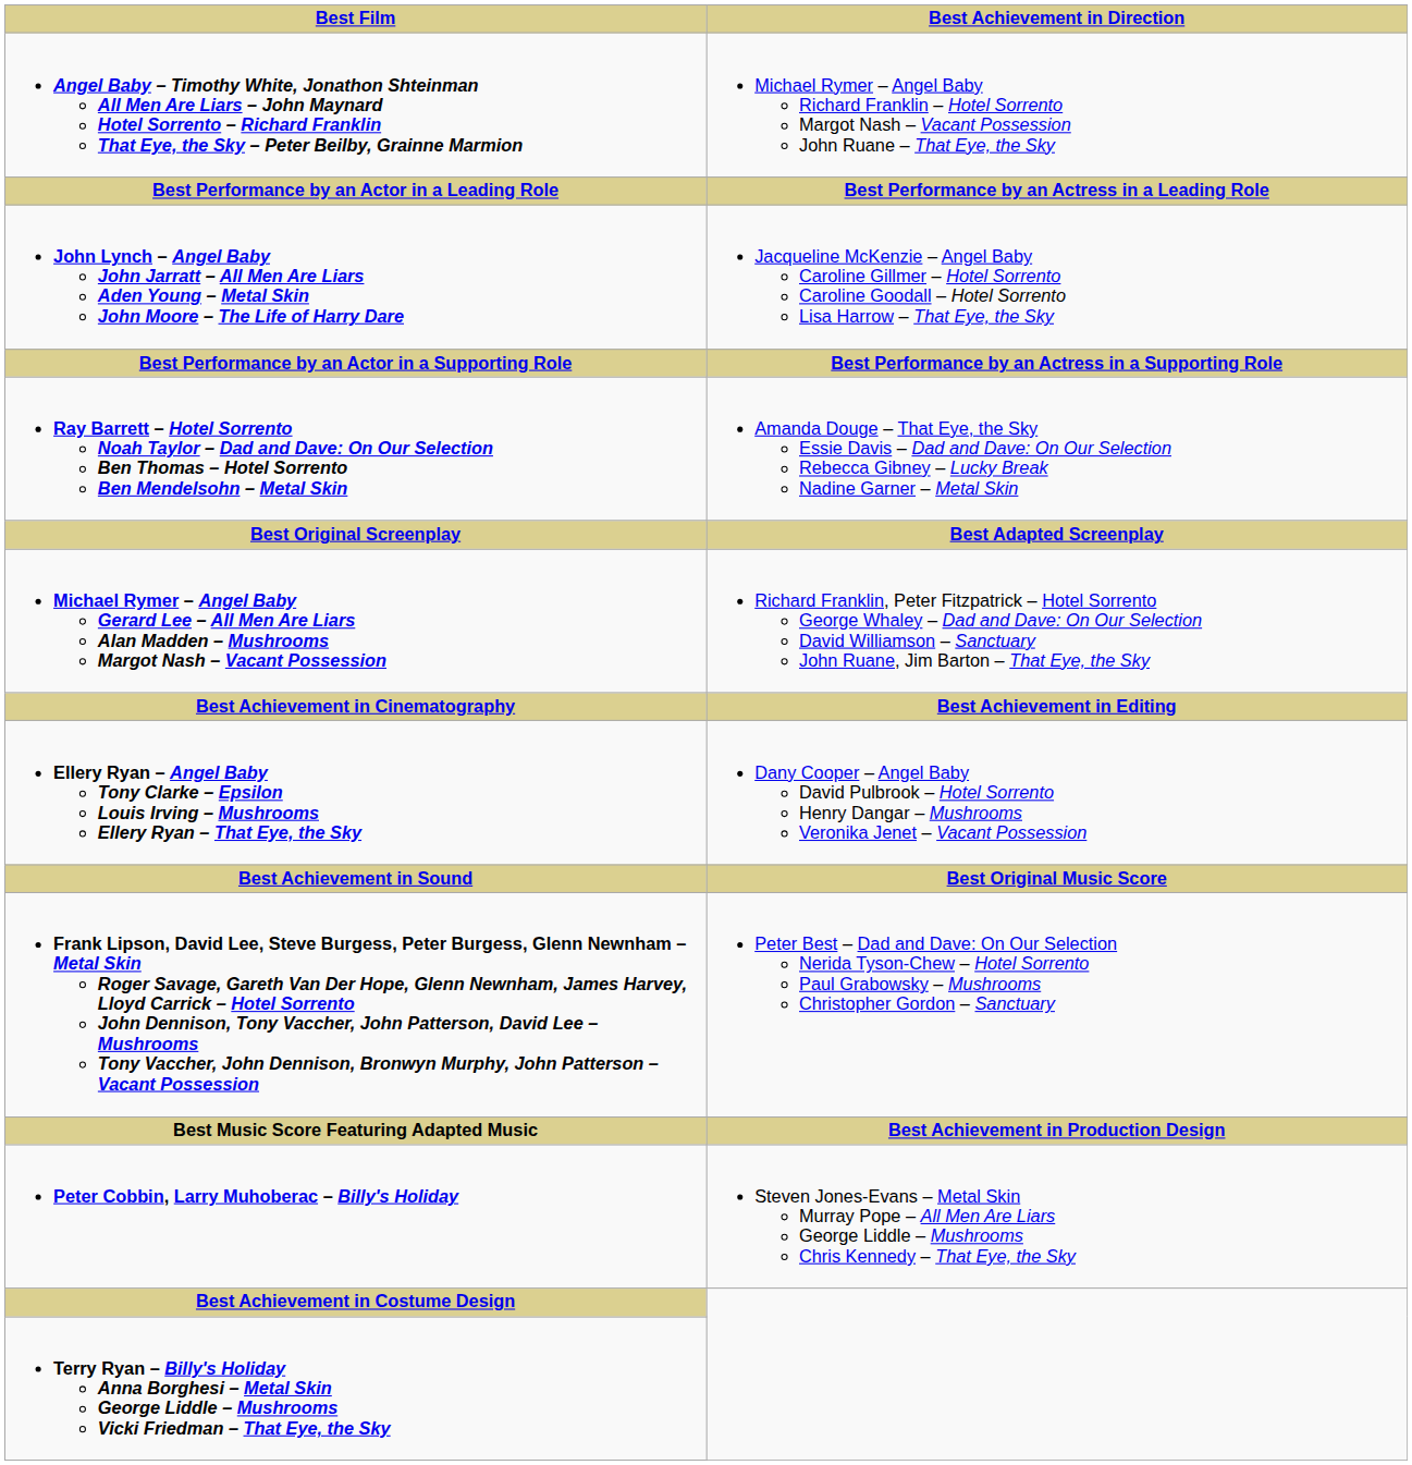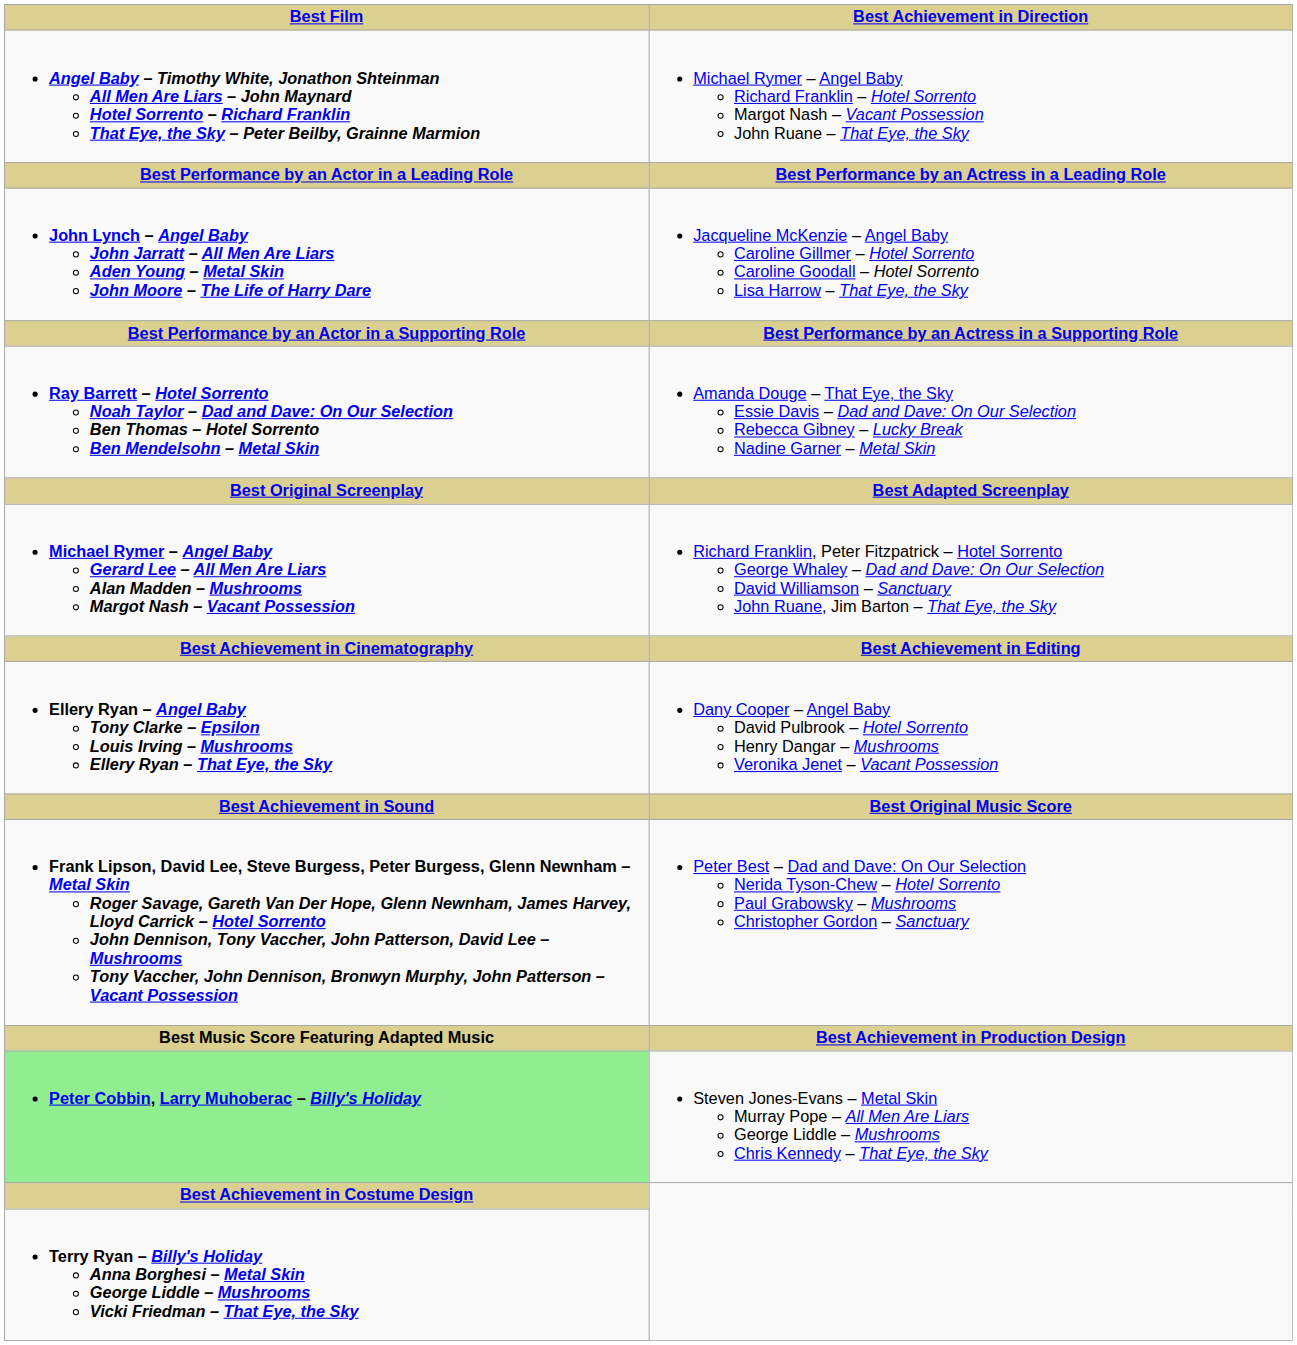 <table class=wikitable style="width:100%">
 <tr>
 <th style="background:#DBD090;" ! width="50%"><a href='#'>Best Film</a></th>
 <th style="background:#DBD090;" ! width="50%"><a href='#'>Best Achievement in Direction</a></th>
 </tr>
 <tr>
 <td valign="top"><br><ul><li><strong><em><a href='#'>Angel Baby</a><em> – Timothy White, Jonathon Shteinman<strong><ul><li></em><a href='#'>All Men Are Liars</a><em> – John Maynard</li><li></em><a href='#'>Hotel Sorrento</a><em> – <a href='#'>Richard Franklin</a></li><li></em><a href='#'>That Eye, the Sky</a><em> – Peter Beilby, Grainne Marmion</li></ul></li></ul></td>
 <td valign="top"><br><ul><li></strong><a href='#'>Michael Rymer</a> – </em><a href='#'>Angel Baby</a></em></strong><ul><li><a href='#'>Richard Franklin</a> – <em><a href='#'>Hotel Sorrento</a></em></li><li>Margot Nash – <em><a href='#'>Vacant Possession</a></em></li><li>John Ruane – <em><a href='#'>That Eye, the Sky</a></em></li></ul></li></ul></td>
 </tr>
 <tr>
 <th style="background:#DBD090;" ! width="50%"><a href='#'>Best Performance by an Actor in a Leading Role</a></th>
 <th style="background:#DBD090;" ! width="50%"><a href='#'>Best Performance by an Actress in a Leading Role</a></th>
 </tr>
 <tr>
 <td valign="top"><br><ul><li><strong><a href='#'>John Lynch</a> – <em><a href='#'>Angel Baby</a><strong><em><ul><li><a href='#'>John Jarratt</a> – </em><a href='#'>All Men Are Liars</a><em></li><li><a href='#'>Aden Young</a> – </em><a href='#'>Metal Skin</a><em></li><li><a href='#'>John Moore</a> – </em><a href='#'>The Life of Harry Dare</a><em></li></ul></li></ul></td>
 <td valign="top"><br><ul><li></strong><a href='#'>Jacqueline McKenzie</a> – </em><a href='#'>Angel Baby</a></em></strong><ul><li><a href='#'>Caroline Gillmer</a> – <em><a href='#'>Hotel Sorrento</a></em></li><li><a href='#'>Caroline Goodall</a> – <em>Hotel Sorrento</em></li><li><a href='#'>Lisa Harrow</a> – <em><a href='#'>That Eye, the Sky</a></em></li></ul></li></ul></td>
 </tr>
 <tr>
 <th style="background:#DBD090;" ! width="50%"><a href='#'>Best Performance by an Actor in a Supporting Role</a></th>
 <th style="background:#DBD090;" ! width="50%"><a href='#'>Best Performance by an Actress in a Supporting Role</a></th>
 </tr>
 <tr>
 <td valign="top"><br><ul><li><strong><a href='#'>Ray Barrett</a> – <em><a href='#'>Hotel Sorrento</a><strong><em><ul><li><a href='#'>Noah Taylor</a> – </em><a href='#'>Dad and Dave: On Our Selection</a><em></li><li>Ben Thomas – </em>Hotel Sorrento<em></li><li><a href='#'>Ben Mendelsohn</a> – </em><a href='#'>Metal Skin</a><em></li></ul></li></ul></td>
 <td valign="top"><br><ul><li></strong><a href='#'>Amanda Douge</a> – </em><a href='#'>That Eye, the Sky</a></em></strong><ul><li><a href='#'>Essie Davis</a> – <em><a href='#'>Dad and Dave: On Our Selection</a></em></li><li><a href='#'>Rebecca Gibney</a> – <em><a href='#'>Lucky Break</a></em></li><li><a href='#'>Nadine Garner</a> – <em><a href='#'>Metal Skin</a></em></li></ul></li></ul></td>
 </tr>
 <tr>
 <th style="background:#DBD090;" ! width="50%"><a href='#'>Best Original Screenplay</a></th>
 <th style="background:#DBD090;" ! width="50%"><a href='#'>Best Adapted Screenplay</a></th>
 </tr>
 <tr>
 <td valign="top"><br><ul><li><strong><a href='#'>Michael Rymer</a> – <em><a href='#'>Angel Baby</a><strong><em><ul><li><a href='#'>Gerard Lee</a> – </em><a href='#'>All Men Are Liars</a><em></li><li>Alan Madden – </em><a href='#'>Mushrooms</a><em></li><li>Margot Nash – </em><a href='#'>Vacant Possession</a><em></li></ul></li></ul></td>
 <td valign="top"><br><ul><li></strong><a href='#'>Richard Franklin</a>, Peter Fitzpatrick – </em><a href='#'>Hotel Sorrento</a></em></strong><ul><li><a href='#'>George Whaley</a> – <em><a href='#'>Dad and Dave: On Our Selection</a></em></li><li><a href='#'>David Williamson</a> – <em><a href='#'>Sanctuary</a></em></li><li><a href='#'>John Ruane</a>, Jim Barton – <em><a href='#'>That Eye, the Sky</a></em></li></ul></li></ul></td>
 </tr>
 <tr>
 <th style="background:#DBD090;" ! width="50%"><a href='#'>Best Achievement in Cinematography</a></th>
 <th style="background:#DBD090;" ! width="50%"><a href='#'>Best Achievement in Editing</a></th>
 </tr>
 <tr>
 <td valign="top"><br><ul><li><strong>Ellery Ryan – <em><a href='#'>Angel Baby</a><strong><em><ul><li>Tony Clarke – </em><a href='#'>Epsilon</a><em></li><li>Louis Irving – </em><a href='#'>Mushrooms</a><em></li><li>Ellery Ryan – </em><a href='#'>That Eye, the Sky</a><em></li></ul></li></ul></td>
 <td valign="top"><br><ul><li></strong><a href='#'>Dany Cooper</a> – </em><a href='#'>Angel Baby</a></em></strong><ul><li>David Pulbrook – <em><a href='#'>Hotel Sorrento</a></em></li><li>Henry Dangar – <em><a href='#'>Mushrooms</a></em></li><li><a href='#'>Veronika Jenet</a> – <em><a href='#'>Vacant Possession</a></em></li></ul></li></ul></td>
 </tr>
 <tr>
 <th style="background:#DBD090;" ! width="50%"><a href='#'>Best Achievement in Sound</a></th>
 <th style="background:#DBD090;" ! width="50%"><a href='#'>Best Original Music Score</a></th>
 </tr>
 <tr>
 <td valign="top"><br><ul><li><strong>Frank Lipson, David Lee, Steve Burgess, Peter Burgess, Glenn Newnham – <em><a href='#'>Metal Skin</a><strong><em><ul><li>Roger Savage, Gareth Van Der Hope, Glenn Newnham, James Harvey, Lloyd Carrick – </em><a href='#'>Hotel Sorrento</a><em></li><li>John Dennison, Tony Vaccher, John Patterson, David Lee – </em><a href='#'>Mushrooms</a><em></li><li>Tony Vaccher, John Dennison, Bronwyn Murphy, John Patterson – </em><a href='#'>Vacant Possession</a><em></li></ul></li></ul></td>
 <td valign="top"><br><ul><li></strong><a href='#'>Peter Best</a> – </em><a href='#'>Dad and Dave: On Our Selection</a></em></strong><ul><li><a href='#'>Nerida Tyson-Chew</a> – <em><a href='#'>Hotel Sorrento</a></em></li><li><a href='#'>Paul Grabowsky</a> – <em><a href='#'>Mushrooms</a></em></li><li><a href='#'>Christopher Gordon</a> – <em><a href='#'>Sanctuary</a></em></li></ul></li></ul></td>
 </tr>
 <tr>
 <th style="background:#DBD090;" ! width="50%">Best Music Score Featuring Adapted Music</th>
 <th style="background:#DBD090;" ! width="50%"><a href='#'>Best Achievement in Production Design</a></th>
 </tr>
 <tr>
-<td valign="top"><br><ul><li><strong><a href='#'>Peter Cobbin</a>, <a href='#'>Larry Muhoberac</a> – <em><a href='#'>Billy's Holiday</a><strong><em></li></ul></td>
+<td valign="top" style="background: lightgreen;"><br><ul><li><strong><a href='#'>Peter Cobbin</a>, <a href='#'>Larry Muhoberac</a> – <em><a href='#'>Billy's Holiday</a><strong><em></li></ul></td>
 <td valign="top"><br><ul><li></strong>Steven Jones-Evans – </em><a href='#'>Metal Skin</a></em></strong><ul><li>Murray Pope – <em><a href='#'>All Men Are Liars</a></em></li><li>George Liddle – <em><a href='#'>Mushrooms</a></em></li><li><a href='#'>Chris Kennedy</a> – <em><a href='#'>That Eye, the Sky</a></em></li></ul></li></ul></td>
 </tr>
 <tr>
 <th style="background:#DBD090;" ! width="50%"><a href='#'>Best Achievement in Costume Design</a></th>
 </tr>
 <tr>
 <td valign="top"><br><ul><li><strong>Terry Ryan – <em><a href='#'>Billy's Holiday</a><strong><em><ul><li>Anna Borghesi – </em><a href='#'>Metal Skin</a><em></li><li>George Liddle – </em><a href='#'>Mushrooms</a><em></li><li>Vicki Friedman – </em><a href='#'>That Eye, the Sky</a><em></li></ul></li></ul></td>
 </tr>
 <tr>
 </tr>
 </table>
